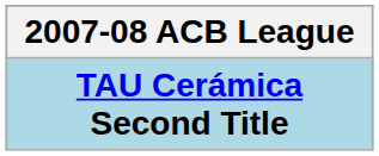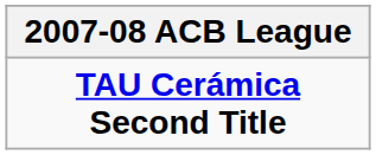 <table class="wikitable" style="margin: 0 auto; width: 20%;">
 <tr>
 <th>2007-08 ACB League</th>
 </tr>
 <tr>
-<td align=center style="background: lightblue;"><strong><a href='#'>TAU Cerámica</a></strong><br><strong>Second Title</strong> <br></td>
+<td align=center><strong><a href='#'>TAU Cerámica</a></strong><br><strong>Second Title</strong> <br></td>
 </tr>
 </table>
